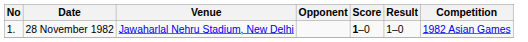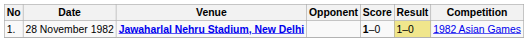 <table class="wikitable collapsible">
 <tr>
 <th>No</th>
 <th>Date</th>
 <th>Venue</th>
 <th>Opponent</th>
 <th>Score</th>
 <th>Result</th>
 <th>Competition</th>
 </tr>
 <tr>
 <td>1.</td>
 <td>28 November 1982</td>
-<td><a href='#'>Jawaharlal Nehru Stadium, New Delhi</a></td>
+<td><strong><a href='#'>Jawaharlal Nehru Stadium, New Delhi</a></strong></td>
 <td></td>
 <td><strong>1</strong>–0</td>
-<td>1–0</td>
+<td style="background: khaki;">1–0</td>
 <td><a href='#'>1982 Asian Games</a></td>
 </tr>
 <tr>
 </tr>
 </table>
